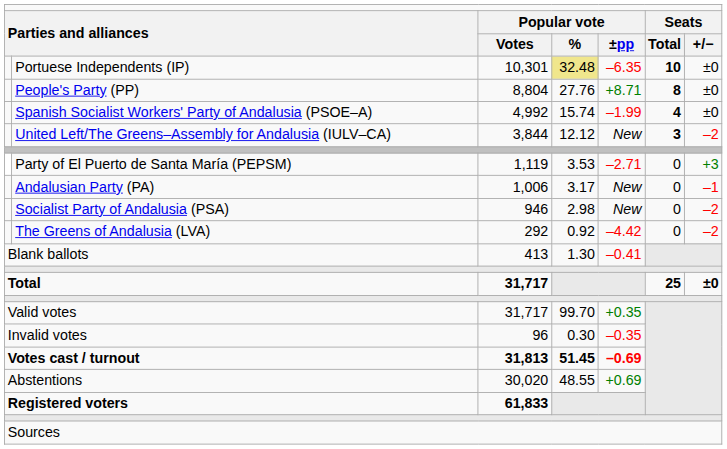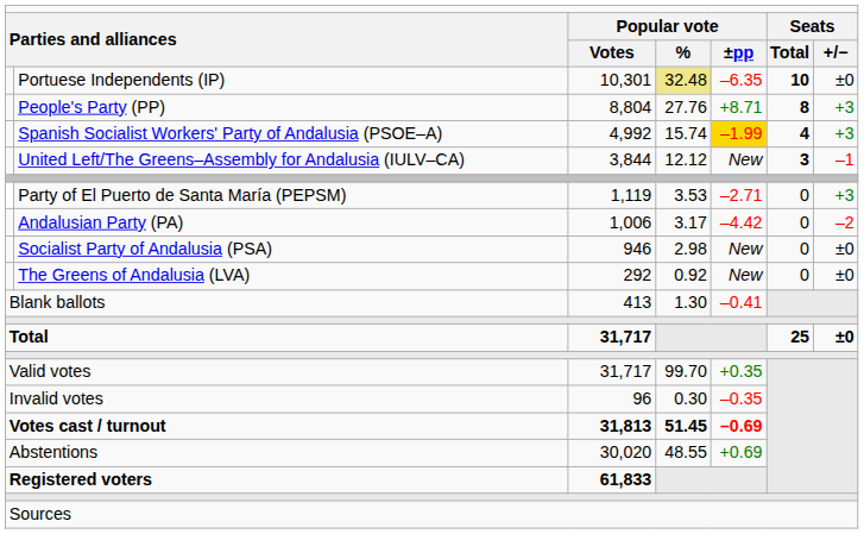 <table class="wikitable" style="text-align:right;">
 <tr>
 <td colspan="7"></td>
 </tr>
 <tr>
 <th style="text-align:left;" rowspan="2" colspan="2" width="525">Parties and alliances</th>
 <th colspan="3">Popular vote</th>
 <th colspan="2">Seats</th>
 </tr>
 <tr>
 <th width="75">Votes</th>
 <th width="45">%</th>
 <th width="45">±<a href='#'>pp</a></th>
 <th width="35">Total</th>
 <th width="35">+/−</th>
 </tr>
 <tr>
 <td width="1" style="color:inherit;background:"></td>
 <td align="left">Portuese Independents (IP)</td>
 <td>10,301</td>
 <td style="background: khaki;">32.48</td>
 <td style="color:red;">–6.35</td>
 <td><strong>10</strong></td>
 <td>±0</td>
 </tr>
 <tr>
 <td style="color:inherit;background:"></td>
 <td align="left"><a href='#'>People's Party</a> (PP)</td>
 <td>8,804</td>
 <td>27.76</td>
 <td style="color:green;">+8.71</td>
 <td><strong>8</strong></td>
-<td>±0</td>
+<td style="color:green;">+3</td>
 </tr>
 <tr>
 <td style="color:inherit;background:"></td>
 <td align="left"><a href='#'>Spanish Socialist Workers' Party of Andalusia</a> (PSOE–A)</td>
 <td>4,992</td>
 <td>15.74</td>
-<td style="color:red;">–1.99</td>
+<td style="background: gold; color:red;">–1.99</td>
 <td><strong>4</strong></td>
-<td>±0</td>
+<td style="color:green;">+3</td>
 </tr>
 <tr>
 <td style="color:inherit;background:"></td>
 <td align="left"><a href='#'>United Left/The Greens–Assembly for Andalusia</a> (IULV–CA)</td>
 <td>3,844</td>
 <td>12.12</td>
 <td><em>New</em></td>
 <td><strong>3</strong></td>
-<td style="color:red;">–2</td>
+<td style="color:red;">–1</td>
 </tr>
 <tr>
 <td colspan="7" bgcolor="#C0C0C0"></td>
 </tr>
 <tr>
 <td bgcolor="white"></td>
 <td align="left">Party of El Puerto de Santa María (PEPSM)</td>
 <td>1,119</td>
 <td>3.53</td>
 <td style="color:red;">–2.71</td>
 <td>0</td>
 <td style="color:green;">+3</td>
 </tr>
 <tr>
 <td style="color:inherit;background:"></td>
 <td align="left"><a href='#'>Andalusian Party</a> (PA)</td>
 <td>1,006</td>
 <td>3.17</td>
-<td><em>New</em></td>
+<td style="color:red;">–4.42</td>
 <td>0</td>
-<td style="color:red;">–1</td>
+<td style="color:red;">–2</td>
 </tr>
 <tr>
 <td style="color:inherit;background:"></td>
 <td align="left"><a href='#'>Socialist Party of Andalusia</a> (PSA)</td>
 <td>946</td>
 <td>2.98</td>
 <td><em>New</em></td>
 <td>0</td>
-<td style="color:red;">–2</td>
+<td>±0</td>
 </tr>
 <tr>
 <td style="color:inherit;background:"></td>
 <td align="left"><a href='#'>The Greens of Andalusia</a> (LVA)</td>
 <td>292</td>
 <td>0.92</td>
-<td style="color:red;">–4.42</td>
+<td><em>New</em></td>
 <td>0</td>
-<td style="color:red;">–2</td>
+<td>±0</td>
 </tr>
 <tr>
 <td align="left" colspan="2">Blank ballots</td>
 <td>413</td>
 <td>1.30</td>
 <td style="color:red;">–0.41</td>
 <td bgcolor="#E9E9E9" colspan="2"></td>
 </tr>
 <tr>
 <td colspan="7" bgcolor="#E9E9E9"></td>
 </tr>
 <tr style="font-weight:bold;">
 <td align="left" colspan="2">Total</td>
 <td>31,717</td>
 <td bgcolor="#E9E9E9" colspan="2"></td>
 <td>25</td>
 <td>±0</td>
 </tr>
 <tr>
 <td colspan="7" bgcolor="#E9E9E9"></td>
 </tr>
 <tr>
 <td align="left" colspan="2">Valid votes</td>
 <td>31,717</td>
 <td>99.70</td>
 <td style="color:green;">+0.35</td>
 <td bgcolor="#E9E9E9" colspan="2" rowspan="5"></td>
 </tr>
 <tr>
 <td align="left" colspan="2">Invalid votes</td>
 <td>96</td>
 <td>0.30</td>
 <td style="color:red;">–0.35</td>
 </tr>
 <tr style="font-weight:bold;">
 <td align="left" colspan="2">Votes cast / turnout</td>
 <td>31,813</td>
 <td>51.45</td>
 <td style="color:red;">–0.69</td>
 </tr>
 <tr>
 <td align="left" colspan="2">Abstentions</td>
 <td>30,020</td>
 <td>48.55</td>
 <td style="color:green;">+0.69</td>
 </tr>
 <tr style="font-weight:bold;">
 <td align="left" colspan="2">Registered voters</td>
 <td>61,833</td>
 <td bgcolor="#E9E9E9" colspan="2"></td>
 </tr>
 <tr>
 <td colspan="7" bgcolor="#E9E9E9"></td>
 </tr>
 <tr>
 <td align="left" colspan="7">Sources</td>
 </tr>
 </table>
